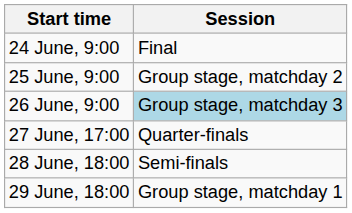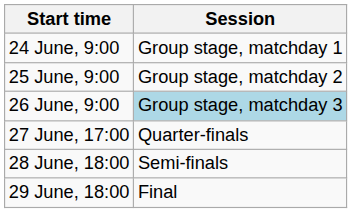 <table class="wikitable">
 <tr>
 <th>Start time</th>
 <th>Session</th>
 </tr>
 <tr>
 <td>24 June, 9:00</td>
-<td>Final</td>
+<td>Group stage, matchday 1</td>
 </tr>
 <tr>
 <td>25 June, 9:00</td>
 <td>Group stage, matchday 2</td>
 </tr>
 <tr>
 <td>26 June, 9:00</td>
 <td style="background: lightblue;">Group stage, matchday 3</td>
 </tr>
 <tr>
 <td>27 June, 17:00</td>
 <td>Quarter-finals</td>
 </tr>
 <tr>
 <td>28 June, 18:00</td>
 <td>Semi-finals</td>
 </tr>
 <tr>
 <td>29 June, 18:00</td>
-<td>Group stage, matchday 1</td>
+<td>Final</td>
 </tr>
 </table>
